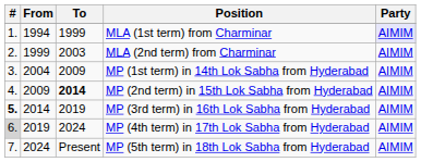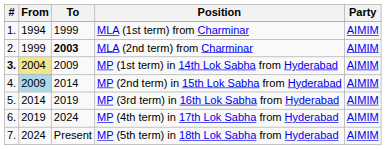 <table class="wikitable sortable">
 <tr>
 <th>#</th>
 <th>From</th>
 <th>To</th>
 <th>Position</th>
 <th>Party</th>
 </tr>
 <tr>
 </tr>
 <tr>
 <td>1.</td>
 <td>1994</td>
 <td>1999</td>
 <td><a href='#'>MLA</a> (1st term) from <a href='#'>Charminar</a></td>
-<td style="background: lavender;"><a href='#'>AIMIM</a></td>
+<td><a href='#'>AIMIM</a></td>
 </tr>
 <tr>
 <td>2.</td>
 <td>1999</td>
-<td>2003</td>
+<td><strong>2003</strong></td>
 <td><a href='#'>MLA</a> (2nd term) from <a href='#'>Charminar</a></td>
 <td><a href='#'>AIMIM</a></td>
 </tr>
 <tr>
-<td>3.</td>
-<td>2004</td>
+<td><strong>3.</strong></td>
+<td style="background: khaki;">2004</td>
 <td>2009</td>
 <td><a href='#'>MP</a> (1st term) in <a href='#'>14th Lok Sabha</a> from <a href='#'>Hyderabad</a></td>
 <td><a href='#'>AIMIM</a></td>
 </tr>
 <tr>
 <td>4.</td>
-<td>2009</td>
-<td><strong>2014</strong></td>
+<td style="background: lightblue;">2009</td>
+<td>2014</td>
 <td><a href='#'>MP</a> (2nd term) in <a href='#'>15th Lok Sabha</a> from <a href='#'>Hyderabad</a></td>
 <td><a href='#'>AIMIM</a></td>
 </tr>
 <tr>
-<td><strong>5.</strong></td>
+<td>5.</td>
 <td>2014</td>
 <td>2019</td>
 <td><a href='#'>MP</a> (3rd term) in <a href='#'>16th Lok Sabha</a> from <a href='#'>Hyderabad</a></td>
 <td><a href='#'>AIMIM</a></td>
 </tr>
 <tr>
-<td style="background: lightgrey;">6.</td>
+<td>6.</td>
 <td>2019</td>
 <td>2024</td>
 <td><a href='#'>MP</a> (4th term) in <a href='#'>17th Lok Sabha</a> from <a href='#'>Hyderabad</a></td>
 <td><a href='#'>AIMIM</a></td>
 </tr>
 <tr>
 <td>7.</td>
 <td>2024</td>
 <td>Present</td>
 <td><a href='#'>MP</a> (5th term) in <a href='#'>18th Lok Sabha</a> from <a href='#'>Hyderabad</a></td>
 <td><a href='#'>AIMIM</a></td>
 </tr>
 </table>
